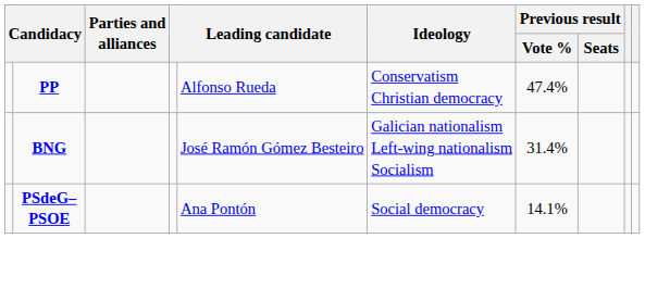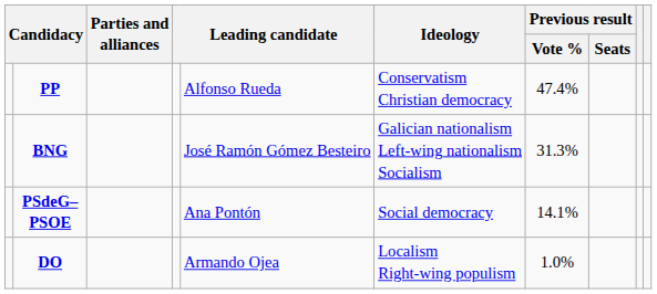 <table class="wikitable" style="line-height:1.35em; text-align:left;">
 <tr>
 <th colspan="2" rowspan="2">Candidacy</th>
 <th rowspan="2">Parties and<br>alliances</th>
 <th colspan="2" rowspan="2">Leading candidate</th>
 <th rowspan="2">Ideology</th>
 <th colspan="2">Previous result</th>
 <th rowspan="2"></th>
 <th rowspan="2"></th>
 </tr>
 <tr>
 <th>Vote %</th>
 <th>Seats</th>
 </tr>
 <tr>
 <td width="1" style="color:inherit;background:"></td>
 <td align="center"><strong><a href='#'>PP</a></strong></td>
 <td></td>
 <td></td>
 <td><a href='#'>Alfonso Rueda</a></td>
 <td><a href='#'>Conservatism</a><br><a href='#'>Christian democracy</a></td>
 <td align="center">47.4%</td>
 <td></td>
 <td></td>
 <td></td>
 </tr>
 <tr>
 <td style="color:inherit;background:"></td>
 <td align="center"><strong><a href='#'>BNG</a></strong></td>
 <td></td>
 <td></td>
 <td><a href='#'>José Ramón Gómez Besteiro</a></td>
 <td><a href='#'>Galician nationalism</a><br><a href='#'>Left-wing nationalism</a><br><a href='#'>Socialism</a></td>
-<td align="center">31.4%</td>
+<td align="center">31.3%</td>
 <td></td>
 <td></td>
 <td></td>
 </tr>
 <tr>
 <td style="color:inherit;background:"></td>
 <td align="center"><strong><a href='#'>PSdeG–<br>PSOE</a></strong></td>
 <td></td>
 <td></td>
 <td><a href='#'>Ana Pontón</a></td>
 <td><a href='#'>Social democracy</a></td>
 <td align="center">14.1%</td>
 <td></td>
 <td></td>
 <td></td>
 </tr>
+<tr>
+<td style="color:inherit;background:"></td>
+<td align="center"><strong><a href='#'>DO</a></strong></td>
+<td></td>
+<td></td>
+<td><a href='#'>Armando Ojea</a></td>
+<td><a href='#'>Localism</a><br><a href='#'>Right-wing populism</a></td>
+<td align="center">1.0%</td>
+<td></td>
+<td></td>
+<td></td>
+</tr>
 </table>
